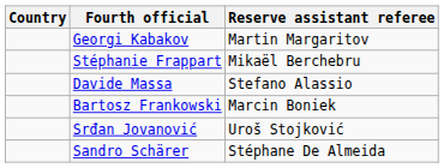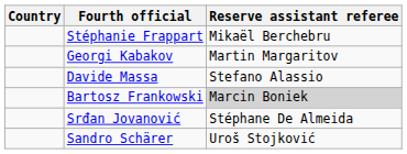 <table class="wikitable" style="display:inline-table;">
 <tr>
 <th>Country</th>
 <th>Fourth official</th>
 <th>Reserve assistant referee</th>
 </tr>
 <tr>
 <td></td>
-<td><a href='#'>Georgi Kabakov</a></td>
-<td>Martin Margaritov</td>
+<td><a href='#'>Stéphanie Frappart</a></td>
+<td>Mikaël Berchebru</td>
 </tr>
 <tr>
 <td></td>
-<td><a href='#'>Stéphanie Frappart</a></td>
-<td>Mikaël Berchebru</td>
+<td><a href='#'>Georgi Kabakov</a></td>
+<td>Martin Margaritov</td>
 </tr>
 <tr>
 <td></td>
 <td><a href='#'>Davide Massa</a></td>
 <td>Stefano Alassio</td>
 </tr>
 <tr>
 <td></td>
 <td><a href='#'>Bartosz Frankowski</a></td>
-<td>Marcin Boniek</td>
+<td style="background: lightgrey;">Marcin Boniek</td>
 </tr>
 <tr>
 <td></td>
 <td><a href='#'>Srđan Jovanović</a></td>
-<td>Uroš Stojković</td>
+<td>Stéphane De Almeida</td>
 </tr>
 <tr>
 <td></td>
 <td><a href='#'>Sandro Schärer</a></td>
-<td>Stéphane De Almeida</td>
+<td>Uroš Stojković</td>
 </tr>
 </table>
